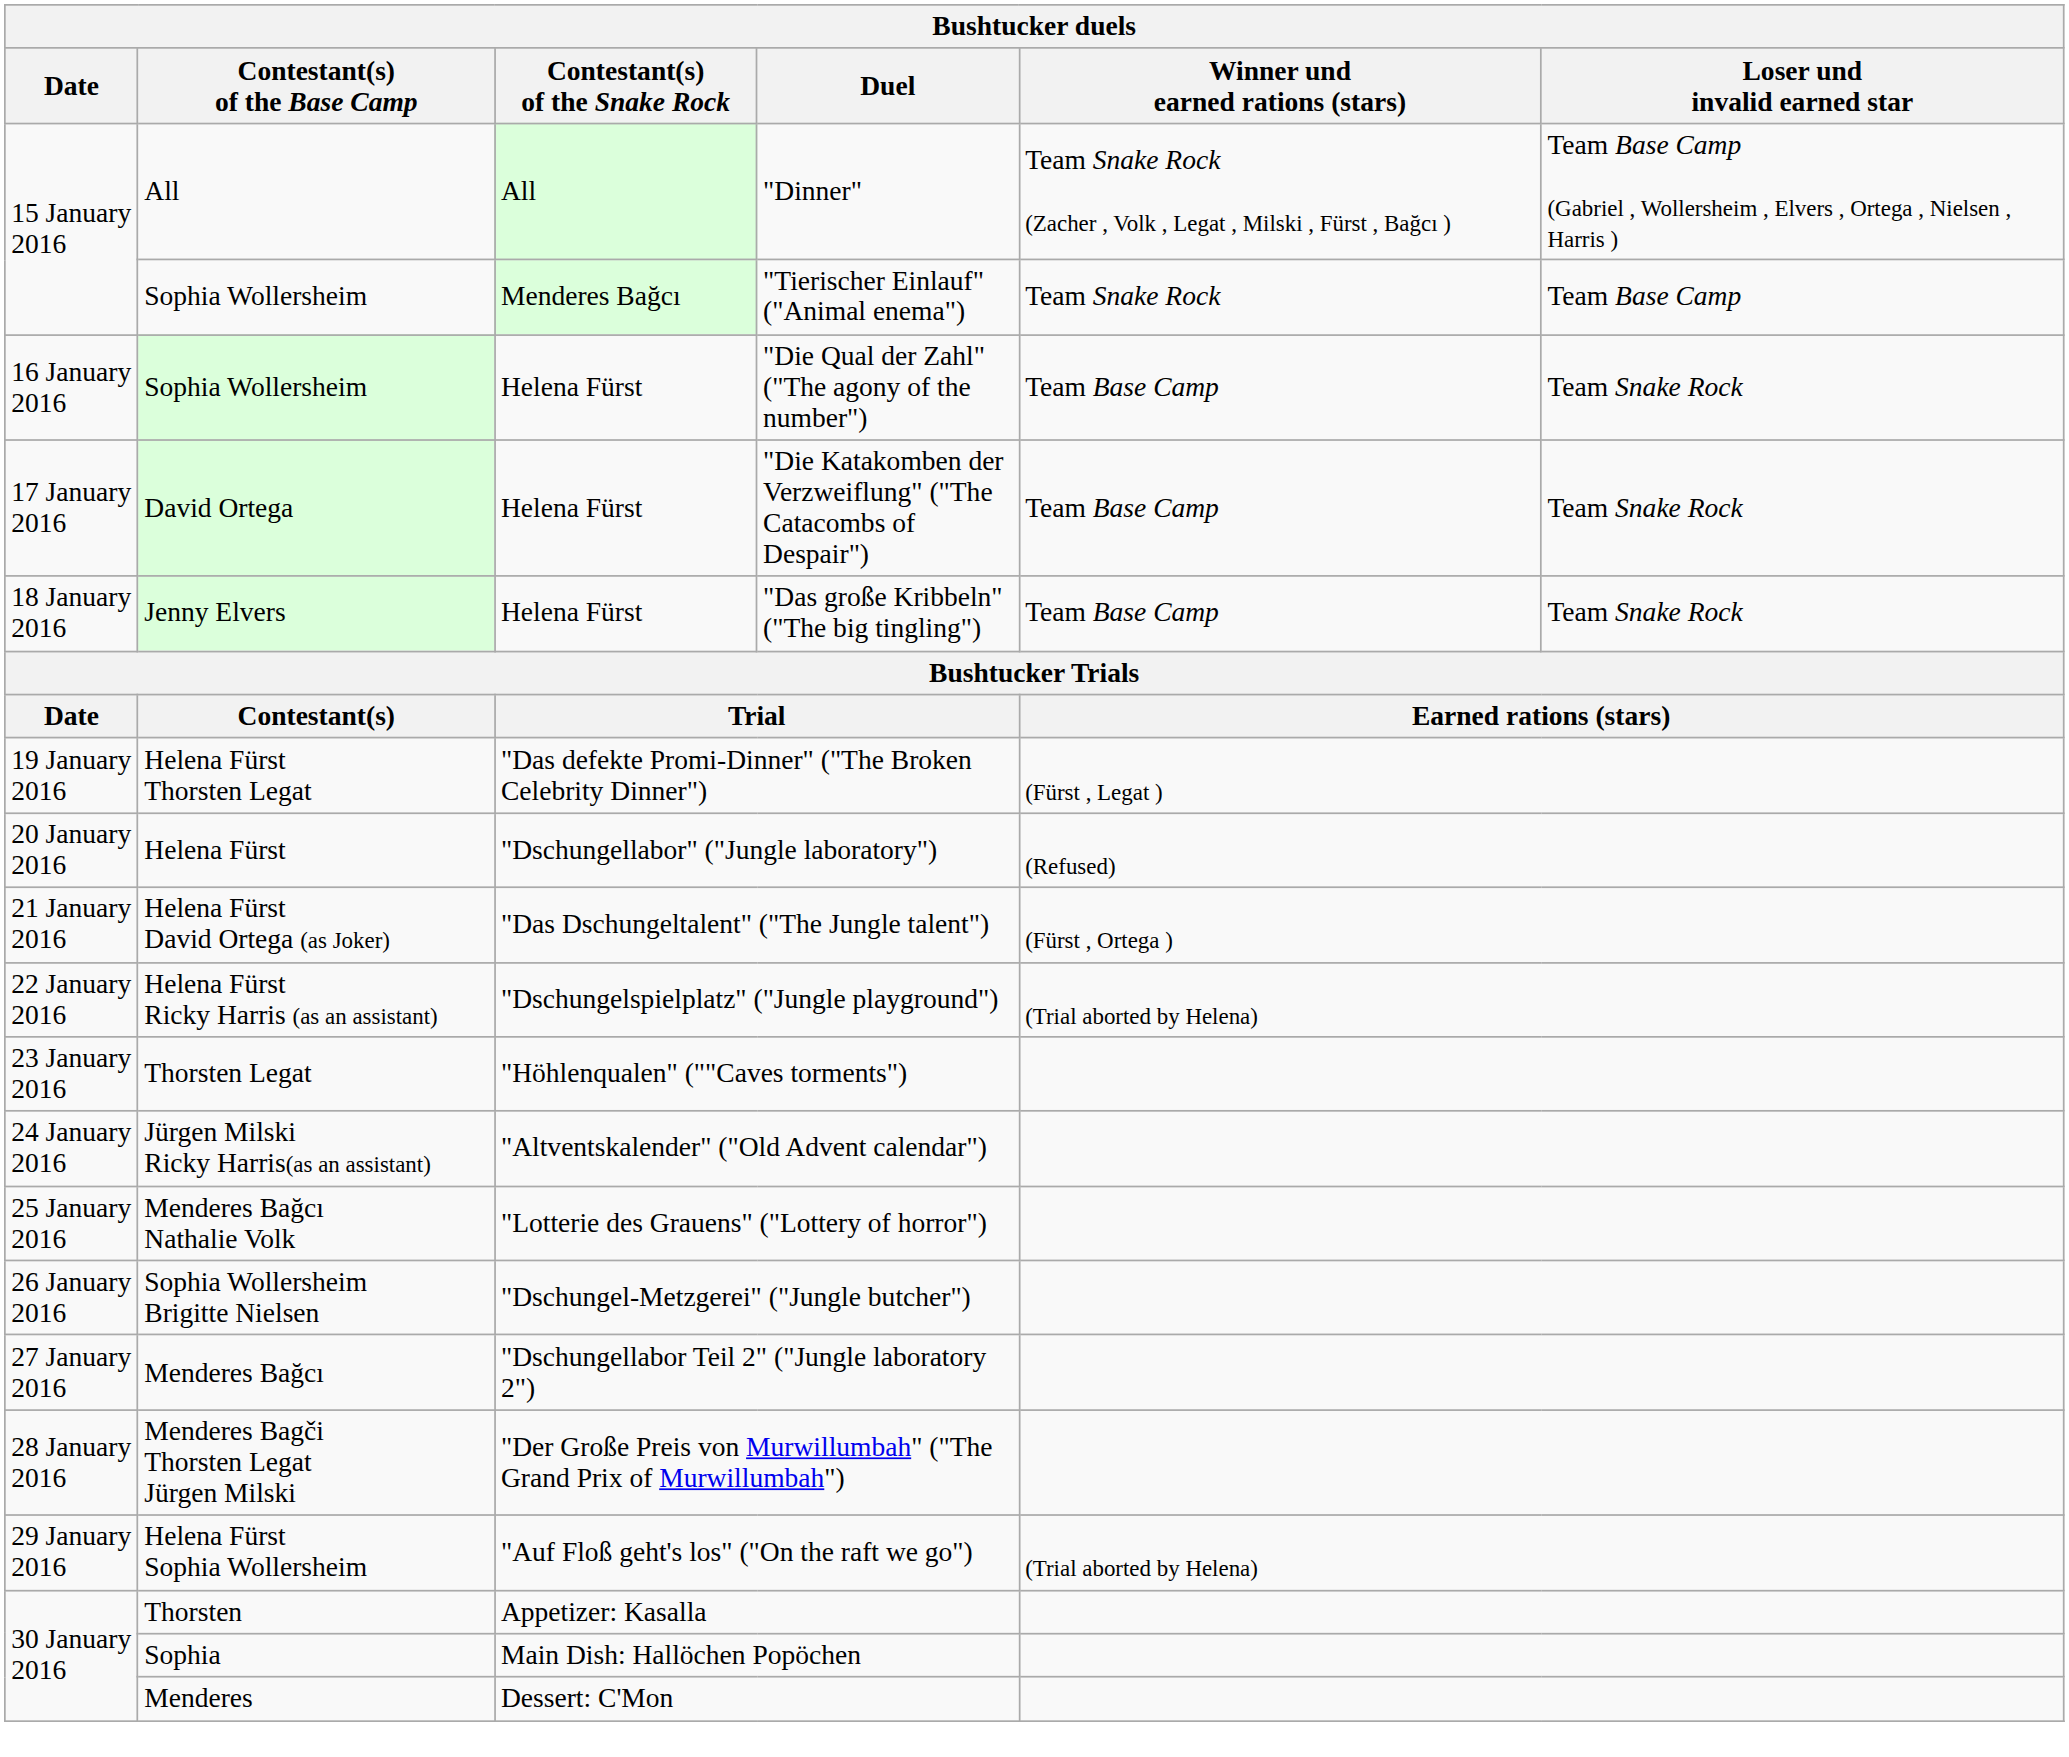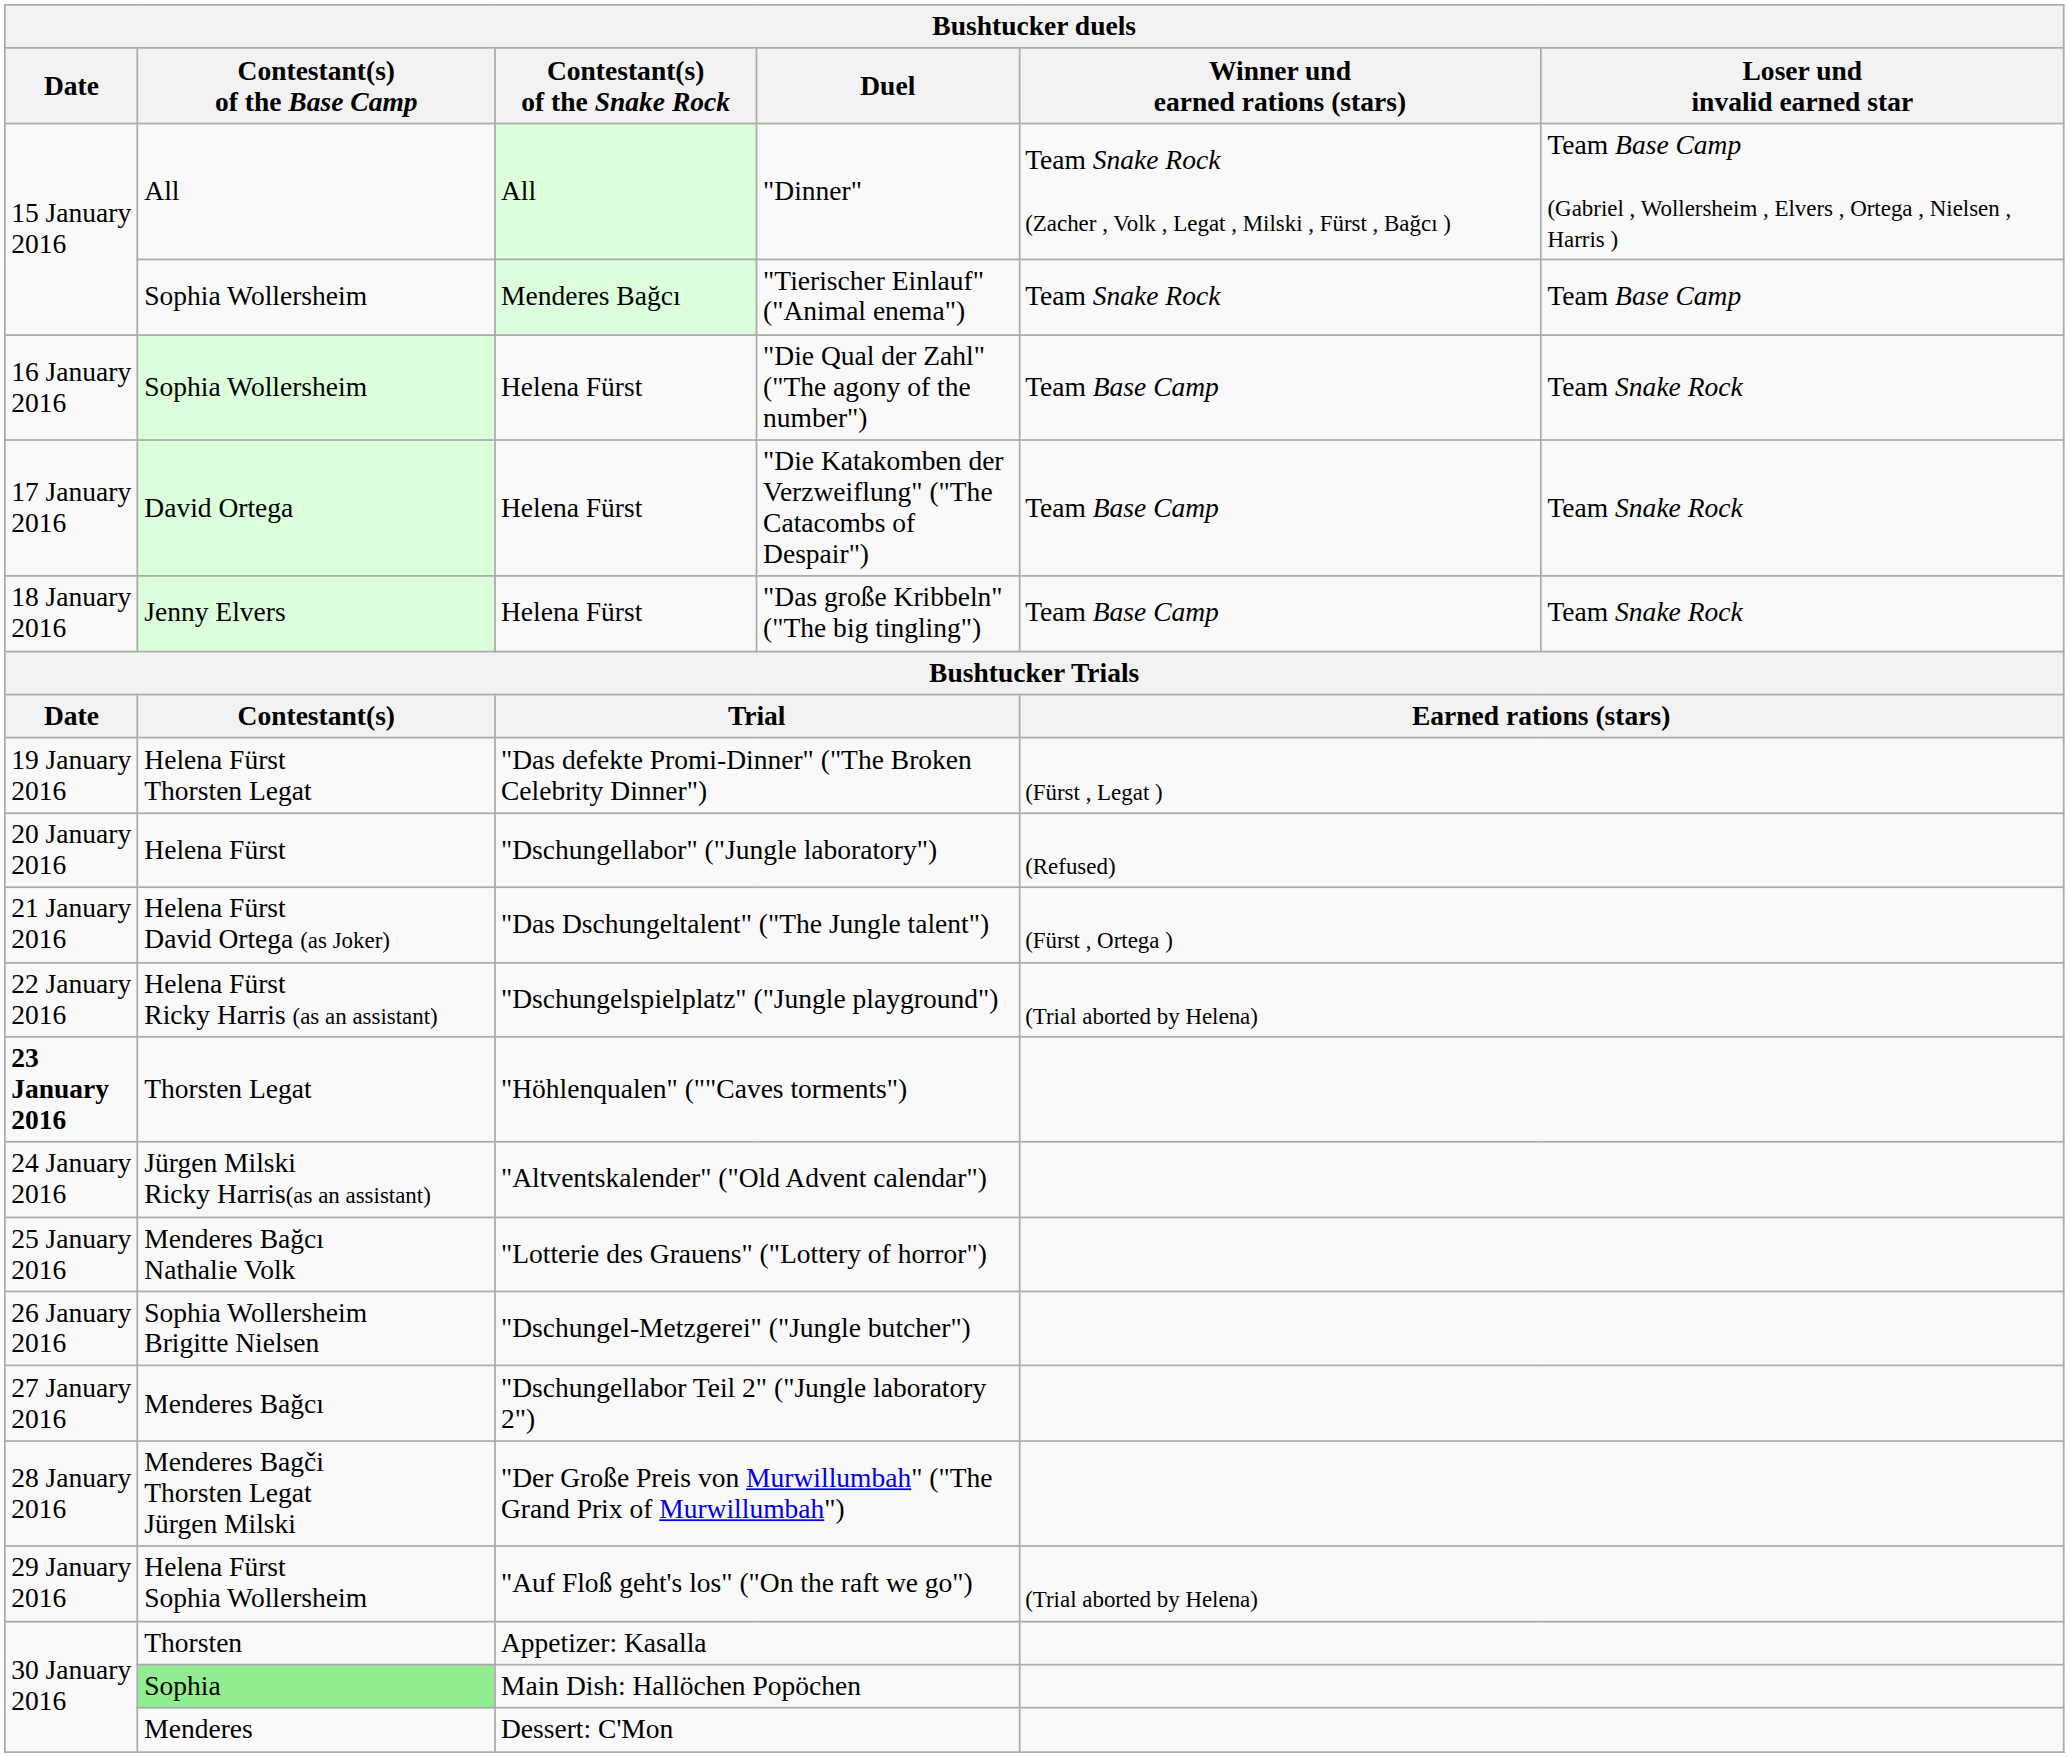 <table class="wikitable zebra ">
 <tr>
 <th colspan="6">Bushtucker duels</th>
 </tr>
 <tr class="hintergrundfarbe5">
 <th width="70">Date</th>
 <th width="145">Contestant(s) <br> of the <em>Base Camp</em></th>
 <th width="145">Contestant(s) <br> of the <em>Snake Rock</em></th>
 <th width="145">Duel</th>
 <th width="200">Winner und <br> earned rations (stars)</th>
 <th width="200">Loser und <br> invalid earned star</th>
 </tr>
 <tr>
 <td rowspan="2">15 January 2016</td>
 <td>All</td>
 <td style="background-color: #DBFFDB">All</td>
 <td>"Dinner"</td>
 <td>Team <em>Snake Rock</em> <br>  <br> <small>(Zacher , Volk , Legat , Milski , Fürst , Bağcı )</small></td>
 <td>Team <em>Base Camp</em> <br>  <br> <small>(Gabriel , Wollersheim , Elvers , Ortega , Nielsen , Harris )</small></td>
 </tr>
 <tr>
 <td>Sophia Wollersheim</td>
 <td style="background-color: #DBFFDB">Menderes Bağcı</td>
 <td>"Tierischer Einlauf" ("Animal enema")</td>
 <td>Team <em>Snake Rock</em> <br> </td>
 <td>Team <em>Base Camp</em> <br> </td>
 </tr>
 <tr>
 <td>16 January 2016</td>
 <td style="background-color: #DBFFDB">Sophia Wollersheim</td>
 <td>Helena Fürst</td>
 <td>"Die Qual der Zahl" ("The agony of the number")</td>
 <td>Team <em>Base Camp</em> <br> </td>
 <td>Team <em>Snake Rock</em> <br> </td>
 </tr>
 <tr>
 <td>17 January 2016</td>
 <td style="background-color: #DBFFDB">David Ortega</td>
 <td>Helena Fürst</td>
 <td>"Die Katakomben der Verzweiflung" ("The Catacombs of Despair")</td>
 <td>Team <em>Base Camp</em> <br> </td>
 <td>Team <em>Snake Rock</em> <br> </td>
 </tr>
 <tr>
 <td>18 January 2016</td>
 <td style="background-color: #DBFFDB">Jenny Elvers</td>
 <td>Helena Fürst</td>
 <td>"Das große Kribbeln" ("The big tingling")</td>
 <td>Team <em>Base Camp</em> <br> </td>
 <td>Team <em>Snake Rock</em> <br> </td>
 </tr>
 <tr>
 <th colspan="6">Bushtucker Trials</th>
 </tr>
 <tr class="hintergrundfarbe5">
 <th width="70">Date</th>
 <th width="200">Contestant(s)</th>
 <th colspan="2" width="200">Trial</th>
 <th colspan="2" width="600">Earned rations (stars)</th>
 </tr>
 <tr>
 <td>19 January 2016</td>
 <td>Helena Fürst <br> Thorsten Legat</td>
 <td colspan="2">"Das defekte Promi-Dinner" ("The Broken Celebrity Dinner")</td>
 <td colspan="2"> <br> <small>(Fürst , Legat )</small></td>
 </tr>
 <tr>
 <td>20 January 2016</td>
 <td>Helena Fürst</td>
 <td colspan="2">"Dschungellabor" ("Jungle laboratory")</td>
 <td colspan="2"> <br> <small>(Refused)</small></td>
 </tr>
 <tr>
 <td>21 January 2016</td>
 <td>Helena Fürst <br> David Ortega <small>(as Joker)</small></td>
 <td colspan="2">"Das Dschungeltalent" ("The Jungle talent")</td>
 <td colspan="2"> <br> <small>(Fürst , Ortega )</small></td>
 </tr>
 <tr>
 <td>22 January 2016</td>
 <td>Helena Fürst <br> Ricky Harris <small>(as an assistant)</small></td>
 <td colspan="2">"Dschungelspielplatz" ("Jungle playground")</td>
 <td colspan="2"> <br> <small>(Trial aborted by Helena)</small></td>
 </tr>
 <tr>
-<td>23 January 2016</td>
+<td><strong>23 January 2016</strong></td>
 <td>Thorsten Legat</td>
 <td colspan="2">"Höhlenqualen" (""Caves torments")</td>
 <td colspan="2"></td>
 </tr>
 <tr>
 <td>24 January 2016</td>
 <td>Jürgen Milski <br> Ricky Harris<small>(as an assistant)</small></td>
 <td colspan="2">"Altventskalender" ("Old Advent calendar")</td>
 <td colspan="2"></td>
 </tr>
 <tr>
 <td>25 January 2016</td>
 <td>Menderes Bağcı <br> Nathalie Volk</td>
 <td colspan="2">"Lotterie des Grauens" ("Lottery of horror")</td>
 <td colspan="2"></td>
 </tr>
 <tr>
 <td>26 January 2016</td>
 <td>Sophia Wollersheim <br> Brigitte Nielsen</td>
 <td colspan="2">"Dschungel-Metzgerei" ("Jungle butcher")</td>
 <td colspan="2"></td>
 </tr>
 <tr>
 <td>27 January 2016</td>
 <td>Menderes Bağcı</td>
 <td colspan="2">"Dschungellabor Teil 2" ("Jungle laboratory 2")</td>
 <td colspan="2"></td>
 </tr>
 <tr>
 <td>28 January 2016</td>
 <td>Menderes Bagči <br> Thorsten Legat <br> Jürgen Milski</td>
 <td colspan="2">"Der Große Preis von <a href='#'>Murwillumbah</a>" ("The Grand Prix of <a href='#'>Murwillumbah</a>")</td>
 <td colspan="2"></td>
 </tr>
 <tr>
 <td>29 January 2016</td>
 <td>Helena Fürst <br> Sophia Wollersheim</td>
 <td colspan="2">"Auf Floß geht's los" ("On the raft we go")</td>
 <td colspan="2"> <br> <small>(Trial aborted by Helena)</small></td>
 </tr>
 <tr>
 <td rowspan="3">30 January 2016</td>
 <td>Thorsten</td>
 <td colspan="2">Appetizer: Kasalla</td>
 <td colspan="2"></td>
 </tr>
 <tr>
-<td>Sophia</td>
+<td style="background: lightgreen;">Sophia</td>
 <td colspan="2">Main Dish: Hallöchen Popöchen</td>
 <td colspan="2"></td>
 </tr>
 <tr>
 <td>Menderes</td>
 <td colspan="2">Dessert: C'Mon</td>
 <td colspan="2"></td>
 </tr>
 <tr>
 </tr>
 </table>
